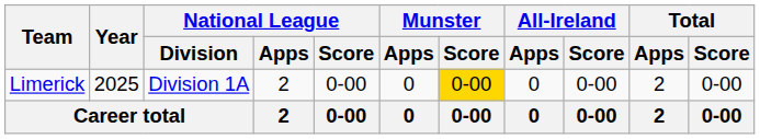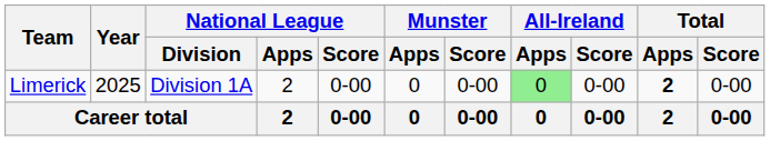 <table class="wikitable" style="text-align:center">
 <tr>
 <th rowspan="2">Team</th>
 <th rowspan="2">Year</th>
 <th colspan="3"><a href='#'>National League</a></th>
 <th colspan="2"><a href='#'>Munster</a></th>
 <th colspan="2"><a href='#'>All-Ireland</a></th>
 <th colspan="2">Total</th>
 </tr>
 <tr>
 <th>Division</th>
 <th>Apps</th>
 <th>Score</th>
 <th>Apps</th>
 <th>Score</th>
 <th>Apps</th>
 <th>Score</th>
 <th>Apps</th>
 <th>Score</th>
 </tr>
 <tr>
 <td rowspan="1"><a href='#'>Limerick</a></td>
 <td>2025</td>
 <td rowspan="1"><a href='#'>Division 1A</a></td>
 <td>2</td>
 <td>0-00</td>
 <td>0</td>
-<td style="background: gold;">0-00</td>
-<td>0</td>
 <td>0-00</td>
-<td>2</td>
+<td style="background: lightgreen;">0</td>
+<td>0-00</td>
+<td><strong>2</strong></td>
 <td>0-00</td>
 </tr>
 <tr>
 <th colspan="3">Career total</th>
 <th>2</th>
 <th>0-00</th>
 <th>0</th>
 <th>0-00</th>
 <th>0</th>
 <th>0-00</th>
 <th>2</th>
 <th>0-00</th>
 </tr>
 </table>
